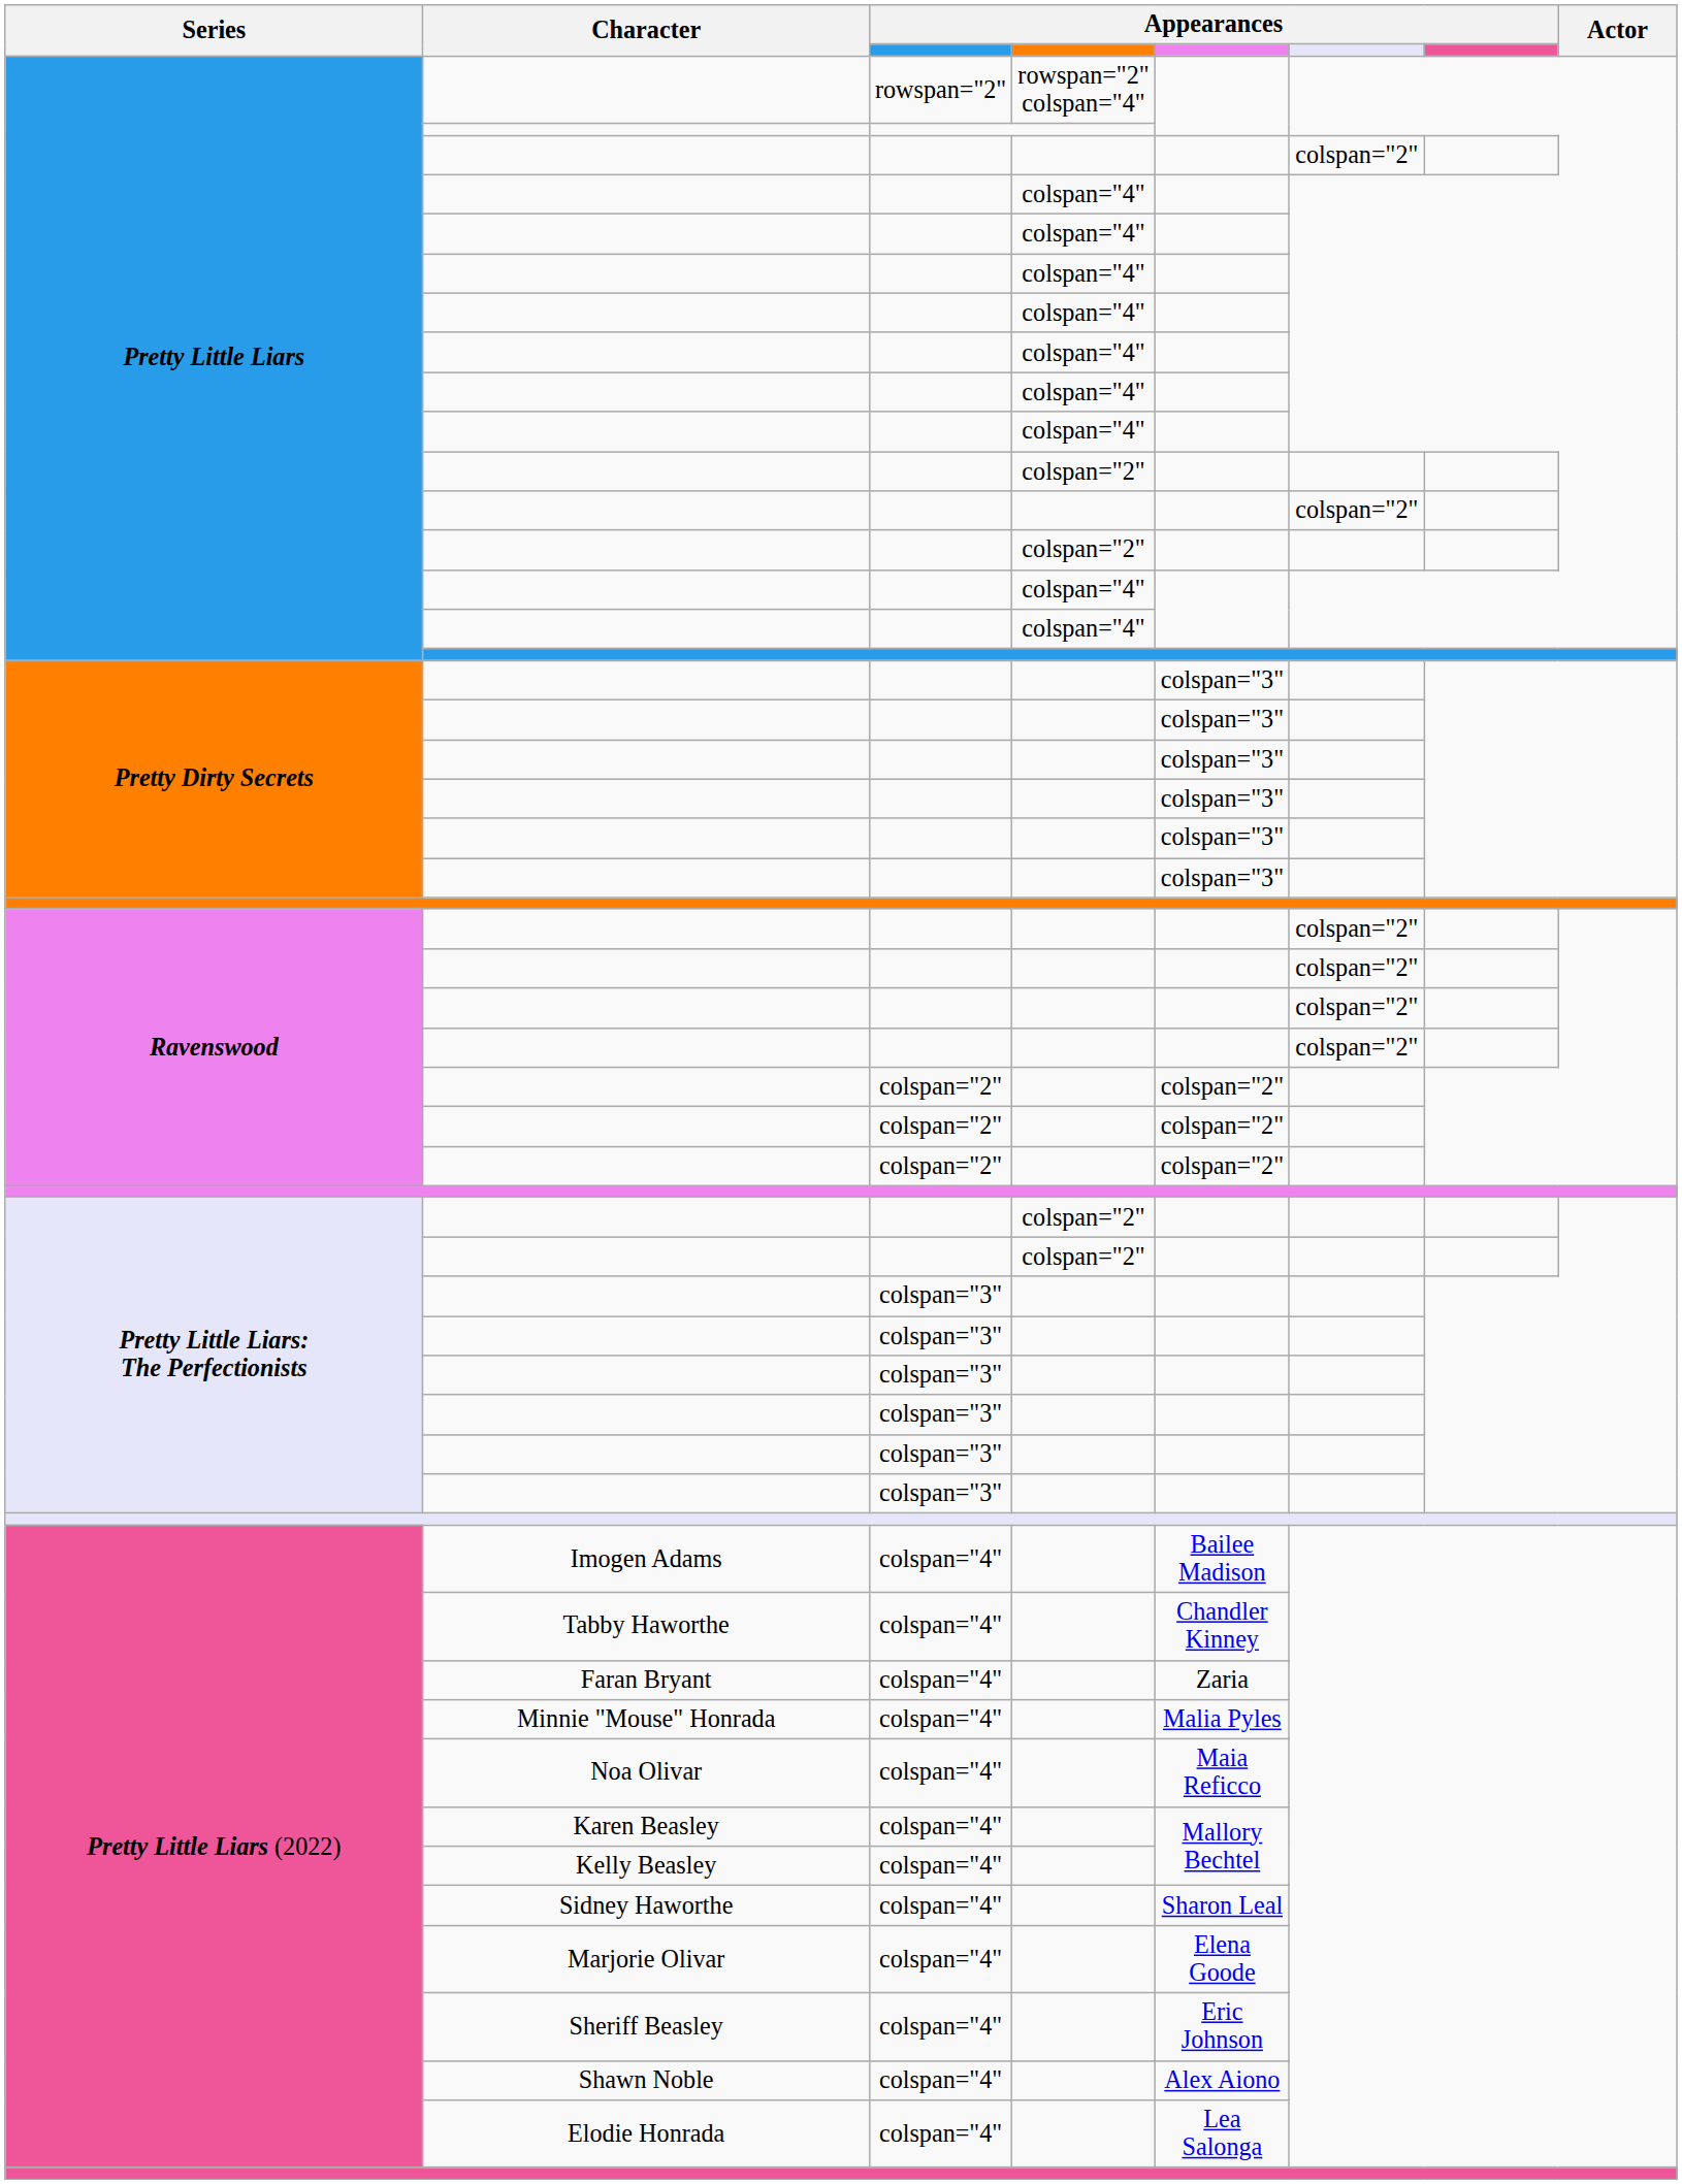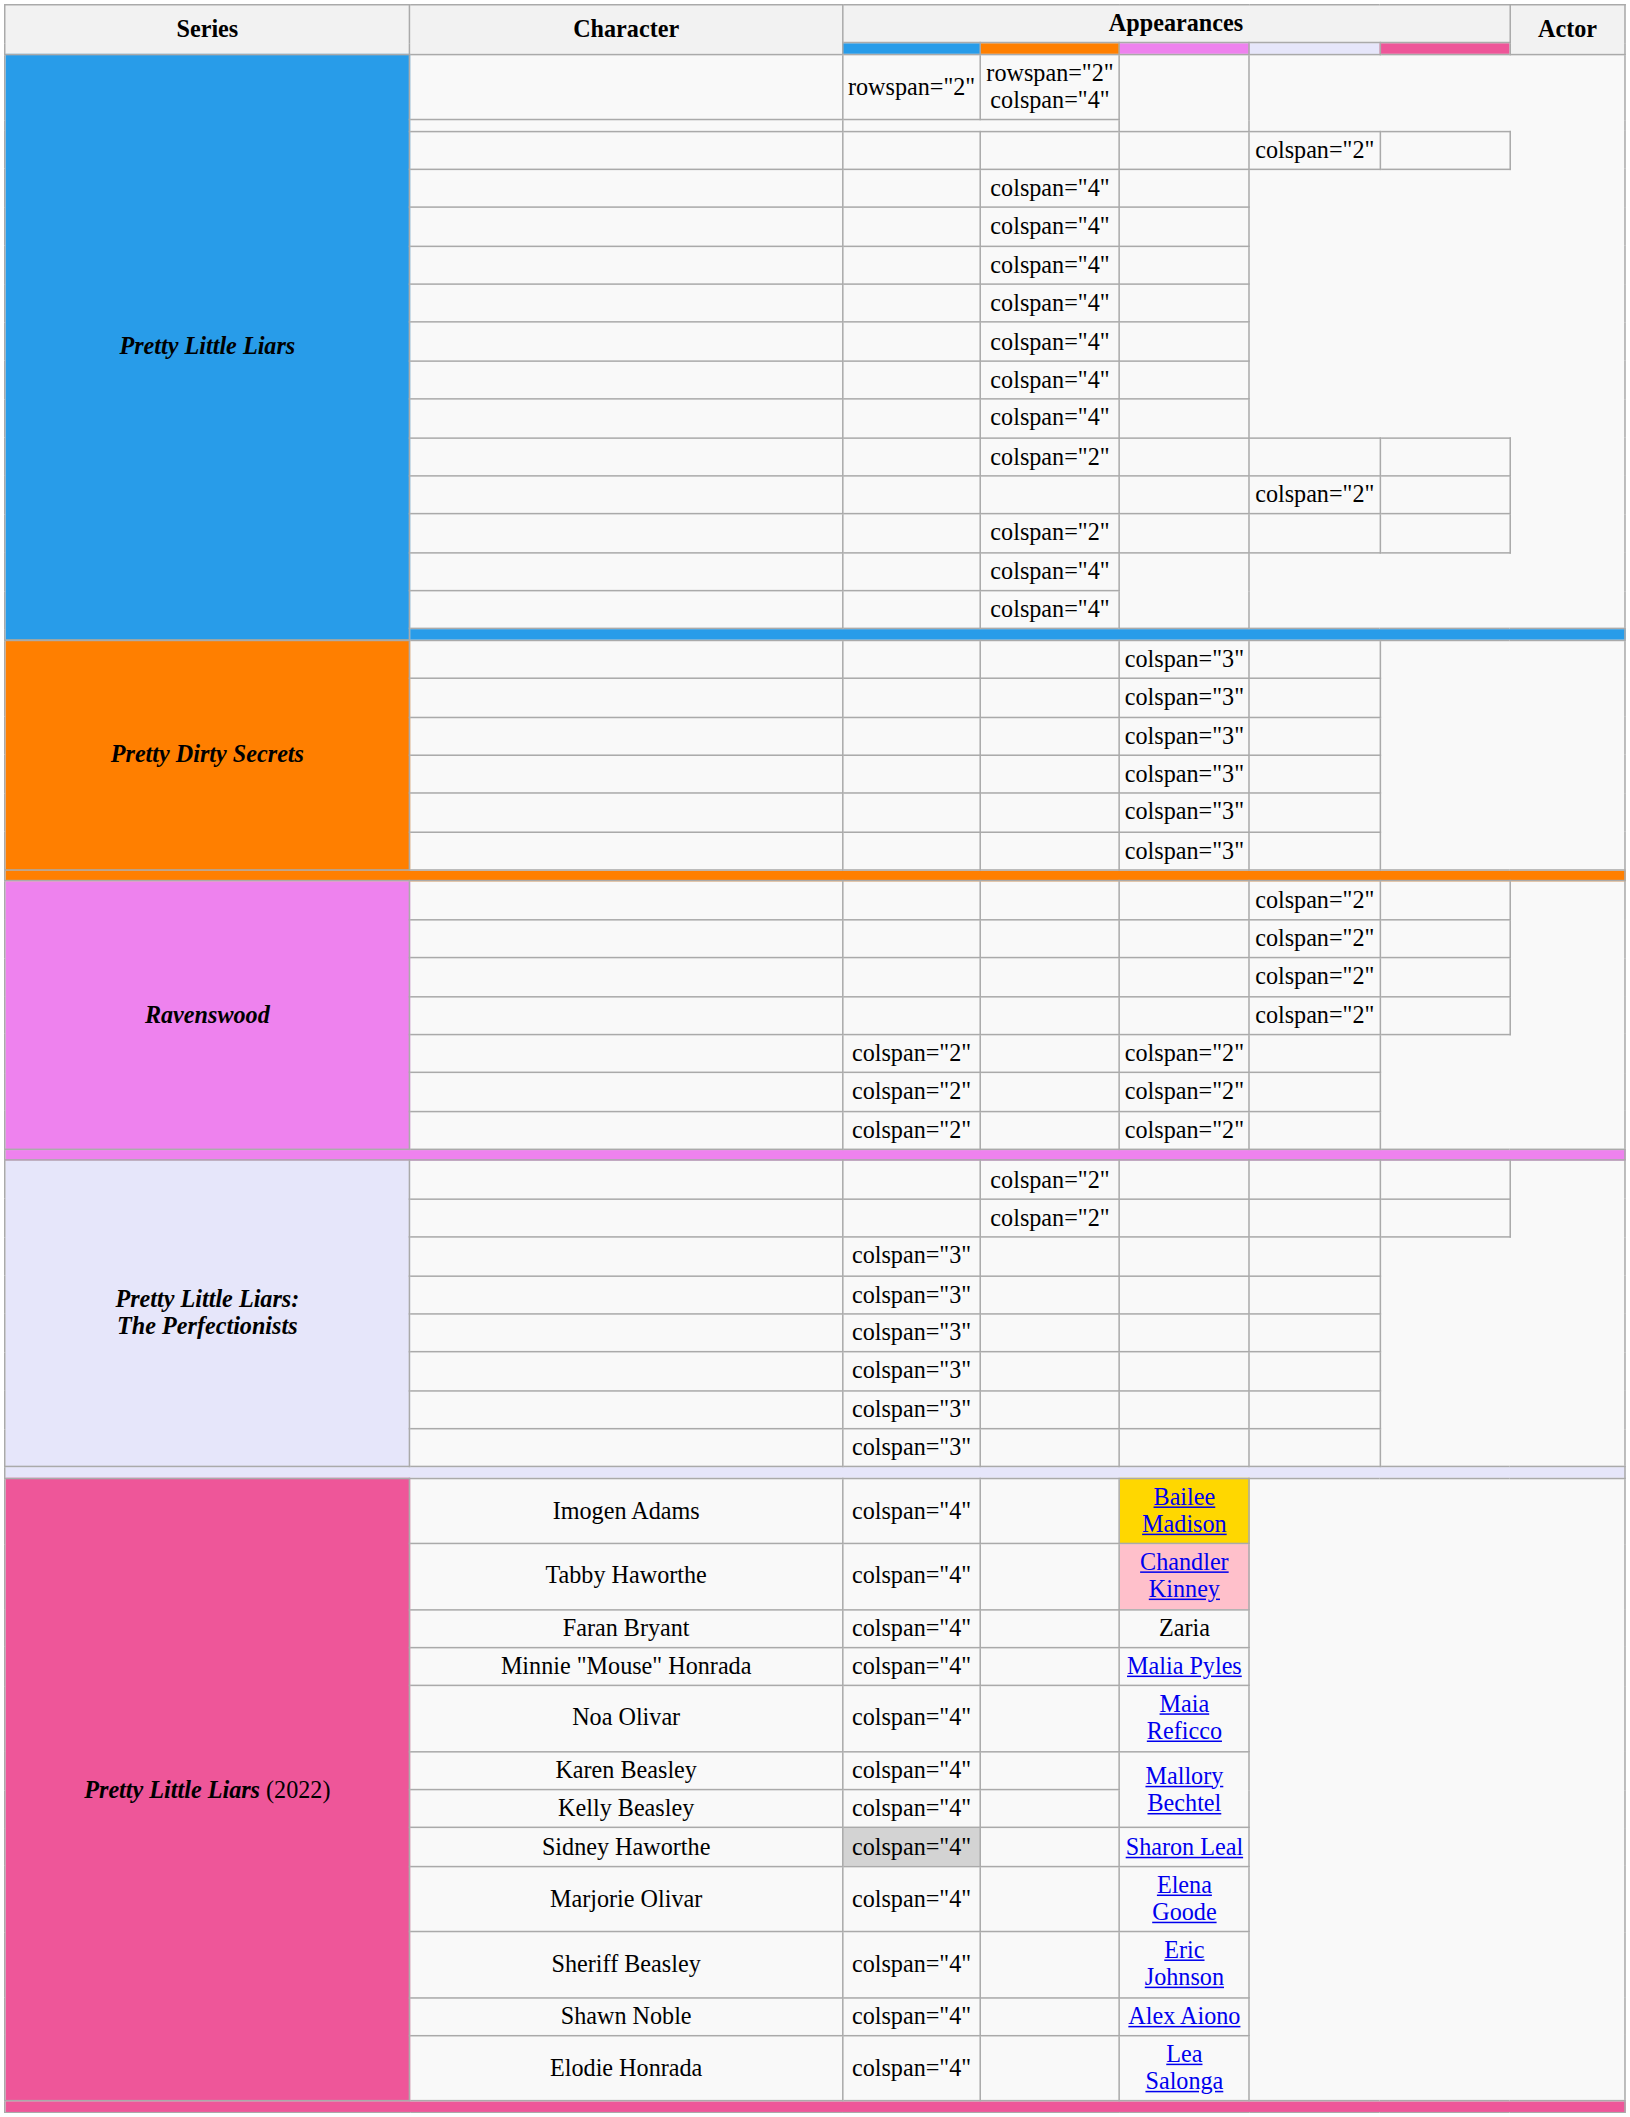 <table class="sortable wikitable plainrowheaders" style="text-align:center; width:85%">
 <tr>
 <th scope="col" style="width:25%;" rowspan="2" class="unsortable">Series</th>
 <th scope="col" rowspan="2">Character</th>
 <th colspan="5" scope="col" style="width:32%;" class="unsortable">Appearances</th>
 <th scope="col" rowspan="2">Actor</th>
 </tr>
 <tr>
 <th scope="col" style="width:8%; background:#289CE9;" class="unsortable"><em></em></th>
 <th scope="col" style="width:8%; background:#FF7F00;" class="unsortable"><em></em></th>
 <th scope="col" style="width:8%; background:#EE82EE;" class="unsortable"><em></em></th>
 <th scope="col" style="width:8%; background:#E6E6FA;" class="unsortable"><em></em></th>
 <th scope="col" style="width:8%; background:#EE5699;" class="unsortable"><em></em></th>
 </tr>
 <tr>
 <td style="background:#289CE9;" rowspan="16"><strong><em>Pretty Little Liars</em></strong></td>
 <td scope="row"></td>
 <td>rowspan="2" </td>
 <td>rowspan="2" colspan="4" </td>
 <td rowspan="2"></td>
 </tr>
 <tr>
 <td scope="row"></td>
 </tr>
 <tr>
 <td scope="row"></td>
 <td></td>
 <td></td>
 <td></td>
 <td>colspan="2" </td>
 <td></td>
 </tr>
 <tr>
 <td scope="row"></td>
 <td></td>
 <td>colspan="4" </td>
 <td></td>
 </tr>
 <tr>
 <td scope="row"></td>
 <td></td>
 <td>colspan="4" </td>
 <td></td>
 </tr>
 <tr>
 <td scope="row"></td>
 <td></td>
 <td>colspan="4" </td>
 <td></td>
 </tr>
 <tr>
 <td scope="row"></td>
 <td></td>
 <td>colspan="4" </td>
 <td></td>
 </tr>
 <tr>
 <td scope="row"></td>
 <td></td>
 <td>colspan="4" </td>
 <td></td>
 </tr>
 <tr>
 <td scope="row"></td>
 <td></td>
 <td>colspan="4" </td>
 <td></td>
 </tr>
 <tr>
 <td scope="row"></td>
 <td></td>
 <td>colspan="4" </td>
 <td></td>
 </tr>
 <tr>
 <td scope="row"></td>
 <td></td>
 <td>colspan="2" </td>
 <td></td>
 <td></td>
 <td></td>
 </tr>
 <tr>
 <td scope="row"></td>
 <td></td>
 <td></td>
 <td></td>
 <td>colspan="2" </td>
 <td></td>
 </tr>
 <tr>
 <td scope="row"></td>
 <td></td>
 <td>colspan="2" </td>
 <td></td>
 <td></td>
 <td></td>
 </tr>
 <tr>
 <td scope="row"></td>
 <td></td>
 <td>colspan="4" </td>
 <td rowspan="2"></td>
 </tr>
 <tr>
 <td scope="row"></td>
 <td></td>
 <td>colspan="4" </td>
 </tr>
 <tr>
 <td style="background:#289CE9;" colspan="7"></td>
 </tr>
 <tr>
 <td style="background:#FF7F00;" rowspan="6"><strong><em>Pretty Dirty Secrets</em></strong></td>
 <td scope="row"></td>
 <td></td>
 <td></td>
 <td>colspan="3" </td>
 <td></td>
 </tr>
 <tr>
 <td scope="row"></td>
 <td></td>
 <td></td>
 <td>colspan="3" </td>
 <td></td>
 </tr>
 <tr>
 <td scope="row"></td>
 <td></td>
 <td></td>
 <td>colspan="3" </td>
 <td></td>
 </tr>
 <tr>
 <td scope="row"></td>
 <td></td>
 <td></td>
 <td>colspan="3" </td>
 <td></td>
 </tr>
 <tr>
 <td scope="row"></td>
 <td></td>
 <td></td>
 <td>colspan="3" </td>
 <td></td>
 </tr>
 <tr>
 <td scope="row"></td>
 <td></td>
 <td></td>
 <td>colspan="3" </td>
 <td></td>
 </tr>
 <tr>
 <td colspan="8" style="background:#FF7F00;"></td>
 </tr>
 <tr>
 <td style="background:#EE82EE;" rowspan="7"><strong><em>Ravenswood</em></strong></td>
 <td scope="row"></td>
 <td></td>
 <td></td>
 <td></td>
 <td>colspan="2" </td>
 <td></td>
 </tr>
 <tr>
 <td scope="row"></td>
 <td></td>
 <td></td>
 <td></td>
 <td>colspan="2" </td>
 <td></td>
 </tr>
 <tr>
 <td scope="row"></td>
 <td></td>
 <td></td>
 <td></td>
 <td>colspan="2" </td>
 <td></td>
 </tr>
 <tr>
 <td scope="row"></td>
 <td></td>
 <td></td>
 <td></td>
 <td>colspan="2" </td>
 <td></td>
 </tr>
 <tr>
 <td scope="row"></td>
 <td>colspan="2" </td>
 <td></td>
 <td>colspan="2" </td>
 <td></td>
 </tr>
 <tr>
 <td scope="row"></td>
 <td>colspan="2" </td>
 <td></td>
 <td>colspan="2" </td>
 <td></td>
 </tr>
 <tr>
 <td scope="row"></td>
 <td>colspan="2" </td>
 <td></td>
 <td>colspan="2" </td>
 <td></td>
 </tr>
 <tr>
 <td colspan="8" style="background:#EE82EE;"></td>
 </tr>
 <tr>
 <td style="background:#E6E6FA;" rowspan="8"><strong><em>Pretty Little Liars:<br>The Perfectionists</em></strong></td>
 <td scope="row"></td>
 <td></td>
 <td>colspan="2" </td>
 <td></td>
 <td></td>
 <td></td>
 </tr>
 <tr>
 <td scope="row"></td>
 <td></td>
 <td>colspan="2" </td>
 <td></td>
 <td></td>
 <td></td>
 </tr>
 <tr>
 <td scope="row"></td>
 <td>colspan="3" </td>
 <td></td>
 <td></td>
 <td></td>
 </tr>
 <tr>
 <td scope="row"></td>
 <td>colspan="3" </td>
 <td></td>
 <td></td>
 <td></td>
 </tr>
 <tr>
 <td scope="row"></td>
 <td>colspan="3" </td>
 <td></td>
 <td></td>
 <td></td>
 </tr>
 <tr>
 <td scope="row"></td>
 <td>colspan="3" </td>
 <td></td>
 <td></td>
 <td></td>
 </tr>
 <tr>
 <td scope="row"></td>
 <td>colspan="3" </td>
 <td></td>
 <td></td>
 <td></td>
 </tr>
 <tr>
 <td scope="row"></td>
 <td>colspan="3" </td>
 <td></td>
 <td></td>
 <td></td>
 </tr>
 <tr>
 <td colspan="8" style="background:#E6E6FA;"></td>
 </tr>
 <tr>
 <td style="background:#EE5699;" rowspan="12"><strong><em>Pretty Little Liars</em></strong> (2022)</td>
 <td>Imogen Adams</td>
 <td>colspan="4" </td>
 <td></td>
-<td><a href='#'>Bailee Madison</a></td>
+<td style="background: gold;"><a href='#'>Bailee Madison</a></td>
 </tr>
 <tr>
 <td>Tabby Haworthe</td>
 <td>colspan="4" </td>
 <td></td>
-<td><a href='#'>Chandler Kinney</a></td>
+<td style="background: pink;"><a href='#'>Chandler Kinney</a></td>
 </tr>
 <tr>
 <td>Faran Bryant</td>
 <td>colspan="4" </td>
 <td></td>
 <td>Zaria</td>
 </tr>
 <tr>
 <td>Minnie "Mouse" Honrada</td>
 <td>colspan="4" </td>
 <td></td>
 <td><a href='#'>Malia Pyles</a></td>
 </tr>
 <tr>
 <td>Noa Olivar</td>
 <td>colspan="4" </td>
 <td></td>
 <td><a href='#'>Maia Reficco</a></td>
 </tr>
 <tr>
 <td>Karen Beasley</td>
 <td>colspan="4" </td>
 <td></td>
 <td rowspan="2"><a href='#'>Mallory Bechtel</a></td>
 </tr>
 <tr>
 <td>Kelly Beasley</td>
 <td>colspan="4" </td>
 <td></td>
 </tr>
 <tr>
 <td>Sidney Haworthe</td>
-<td>colspan="4" </td>
+<td style="background: lightgrey;">colspan="4" </td>
 <td></td>
 <td><a href='#'>Sharon Leal</a></td>
 </tr>
 <tr>
 <td>Marjorie Olivar</td>
 <td>colspan="4" </td>
 <td></td>
 <td><a href='#'>Elena Goode</a></td>
 </tr>
 <tr>
 <td>Sheriff Beasley</td>
 <td>colspan="4" </td>
 <td></td>
 <td><a href='#'>Eric Johnson</a></td>
 </tr>
 <tr>
 <td>Shawn Noble</td>
 <td>colspan="4" </td>
 <td></td>
 <td><a href='#'>Alex Aiono</a></td>
 </tr>
 <tr>
 <td>Elodie Honrada</td>
 <td>colspan="4" </td>
 <td></td>
 <td><a href='#'>Lea Salonga</a></td>
 </tr>
 <tr>
 <td colspan="8" style="background:#EE5699;"></td>
 </tr>
 </table>
